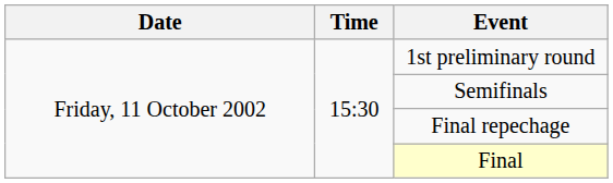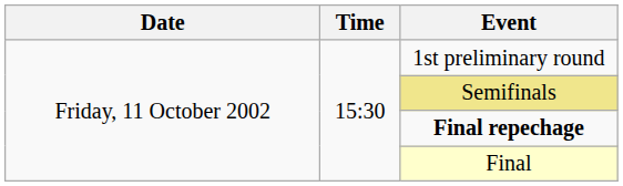 <table class = "wikitable" style="text-align:center;">
 <tr>
 <th width=220>Date</th>
 <th width=50>Time</th>
 <th width=150>Event</th>
 </tr>
 <tr>
 <td rowspan=4>Friday, 11 October 2002</td>
 <td rowspan=4>15:30</td>
 <td>1st preliminary round</td>
 </tr>
 <tr>
-<td>Semifinals</td>
+<td style="background: khaki;">Semifinals</td>
 </tr>
 <tr>
-<td>Final repechage</td>
+<td><strong>Final repechage</strong></td>
 </tr>
 <tr>
 <td bgcolor=ffffcc>Final</td>
 </tr>
 </table>
